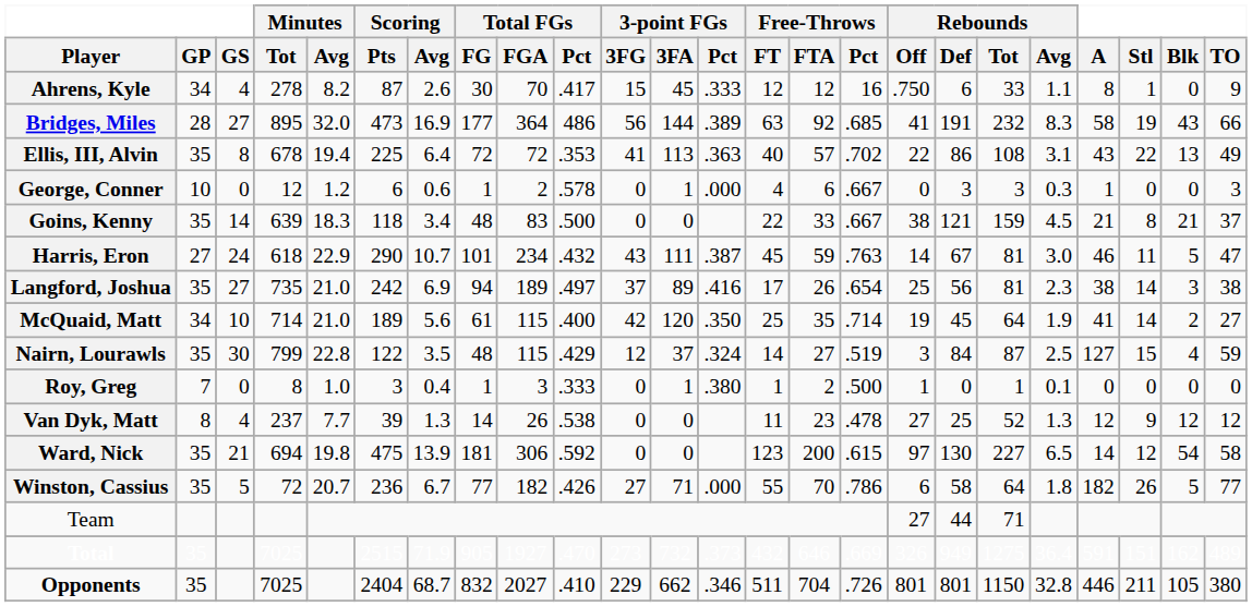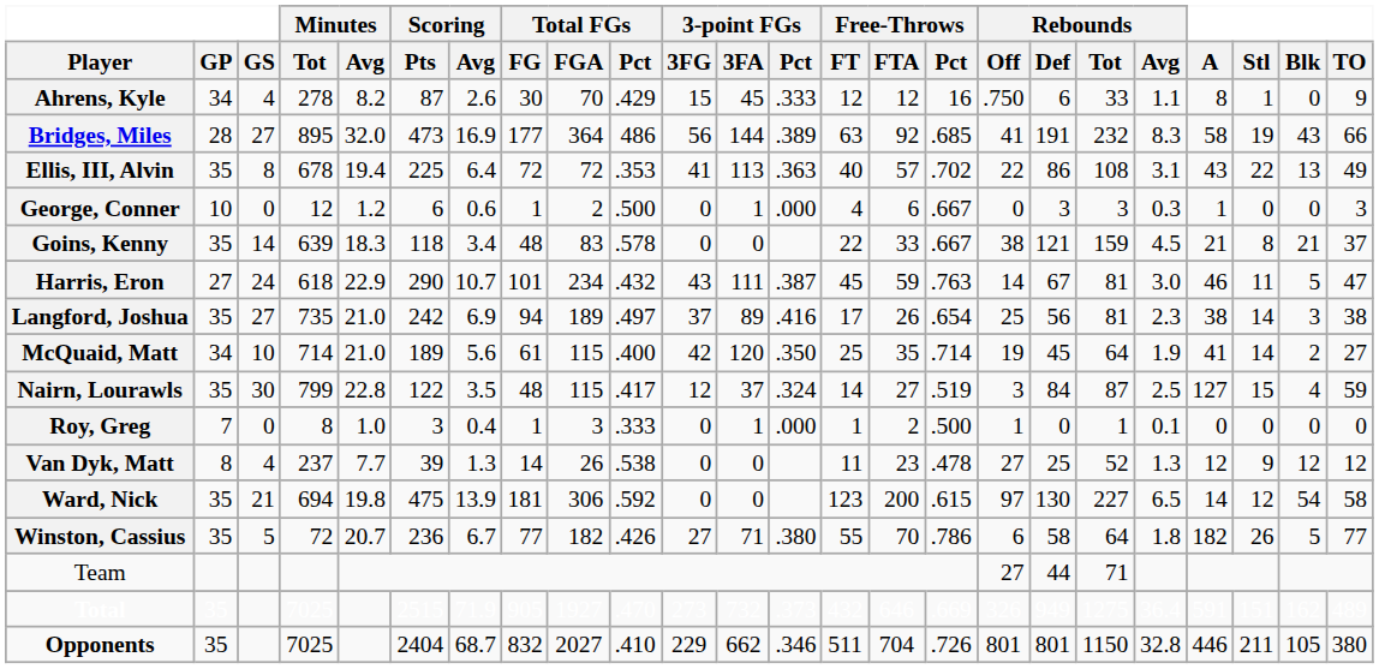 <table class="wikitable sortable" style="font-size:70%;">
 <tr>
 <th colspan="3" style="border-top-style:hidden; border-left-style:hidden; background: white;"></th>
 <th colspan="2" style="background:#">Minutes</th>
 <th colspan="2" style="background:#">Scoring</th>
 <th colspan="3" style="background:#">Total FGs</th>
 <th colspan="3" style="background:#">3-point FGs</th>
 <th colspan="3" style="background:#">Free-Throws</th>
 <th colspan="4" style="background:#">Rebounds</th>
 <th colspan="4" style="border-top-style:hidden; border-right-style:hidden; background: white;"></th>
 </tr>
 <tr>
 <th scope="col" style="background:#">Player</th>
 <th scope="col" style="background:#">GP</th>
 <th scope="col" style="background:#">GS</th>
 <th scope="col" style="background:#">Tot</th>
 <th scope="col" style="background:#">Avg</th>
 <th scope="col" style="background:#">Pts</th>
 <th scope="col" style="background:#">Avg</th>
 <th scope="col" style="background:#">FG</th>
 <th scope="col" style="background:#">FGA</th>
 <th scope="col" style="background:#">Pct</th>
 <th scope="col" style="background:#">3FG</th>
 <th scope="col" style="background:#">3FA</th>
 <th scope="col" style="background:#">Pct</th>
 <th scope="col" style="background:#">FT</th>
 <th scope="col" style="background:#">FTA</th>
 <th scope="col" style="background:#">Pct</th>
 <th scope="col" style="background:#">Off</th>
 <th scope="col" style="background:#">Def</th>
 <th scope="col" style="background:#">Tot</th>
 <th scope="col" style="background:#">Avg</th>
 <th scope="col" style="background:#">A</th>
 <th scope="col" style="background:#">Stl</th>
 <th scope="col" style="background:#">Blk</th>
 <th scope="col" style="background:#">TO</th>
 </tr>
 <tr>
 <th style=white-space:nowrap>Ahrens, Kyle</th>
 <td style="text-align:right;">34</td>
 <td style="text-align:right;">4</td>
 <td style="text-align:right;">278</td>
 <td style="text-align:right;">8.2</td>
 <td style="text-align:right;">87</td>
 <td style="text-align:right;">2.6</td>
 <td style="text-align:right;">30</td>
 <td style="text-align:right;">70</td>
-<td style="text-align:right;">.417</td>
+<td style="text-align:right;">.429</td>
 <td style="text-align:right;">15</td>
 <td style="text-align:right;">45</td>
 <td style="text-align:right;">.333</td>
 <td style="text-align:right;">12</td>
 <td style="text-align:right;">12</td>
 <td style="text-align:right;">16</td>
 <td style="text-align:right;">.750</td>
 <td style="text-align:right;">6</td>
 <td style="text-align:right;">33</td>
 <td style="text-align:right;">1.1</td>
 <td style="text-align:right;">8</td>
 <td style="text-align:right;">1</td>
 <td style="text-align:right;">0</td>
 <td style="text-align:right;">9</td>
 </tr>
 <tr>
 <th style=white-space:nowrap><a href='#'>Bridges, Miles</a></th>
 <td style="text-align:right;">28</td>
 <td style="text-align:right;">27</td>
 <td style="text-align:right;">895</td>
 <td style="text-align:right;">32.0</td>
 <td style="text-align:right;">473</td>
 <td style="text-align:right;">16.9</td>
 <td style="text-align:right;">177</td>
 <td style="text-align:right;">364</td>
 <td style="text-align:right;">486</td>
 <td style="text-align:right;">56</td>
 <td style="text-align:right;">144</td>
 <td style="text-align:right;">.389</td>
 <td style="text-align:right;">63</td>
 <td style="text-align:right;">92</td>
 <td style="text-align:right;">.685</td>
 <td style="text-align:right;">41</td>
 <td style="text-align:right;">191</td>
 <td style="text-align:right;">232</td>
 <td style="text-align:right;">8.3</td>
 <td style="text-align:right;">58</td>
 <td style="text-align:right;">19</td>
 <td style="text-align:right;">43</td>
 <td style="text-align:right;">66</td>
 </tr>
 <tr>
 <th style=white-space:nowrap>Ellis, III, Alvin</th>
 <td style="text-align:right;">35</td>
 <td style="text-align:right;">8</td>
 <td style="text-align:right;">678</td>
 <td style="text-align:right;">19.4</td>
 <td style="text-align:right;">225</td>
 <td style="text-align:right;">6.4</td>
 <td style="text-align:right;">72</td>
 <td style="text-align:right;">72</td>
 <td style="text-align:right;">.353</td>
 <td style="text-align:right;">41</td>
 <td style="text-align:right;">113</td>
 <td style="text-align:right;">.363</td>
 <td style="text-align:right;">40</td>
 <td style="text-align:right;">57</td>
 <td style="text-align:right;">.702</td>
 <td style="text-align:right;">22</td>
 <td style="text-align:right;">86</td>
 <td style="text-align:right;">108</td>
 <td style="text-align:right;">3.1</td>
 <td style="text-align:right;">43</td>
 <td style="text-align:right;">22</td>
 <td style="text-align:right;">13</td>
 <td style="text-align:right;">49</td>
 </tr>
 <tr>
 <th style=white-space:nowrap>George, Conner</th>
 <td style="text-align:right;">10</td>
 <td style="text-align:right;">0</td>
 <td style="text-align:right;">12</td>
 <td style="text-align:right;">1.2</td>
 <td style="text-align:right;">6</td>
 <td style="text-align:right;">0.6</td>
 <td style="text-align:right;">1</td>
 <td style="text-align:right;">2</td>
-<td style="text-align:right;">.578</td>
+<td style="text-align:right;">.500</td>
 <td style="text-align:right;">0</td>
 <td style="text-align:right;">1</td>
 <td style="text-align:right;">.000</td>
 <td style="text-align:right;">4</td>
 <td style="text-align:right;">6</td>
 <td style="text-align:right;">.667</td>
 <td style="text-align:right;">0</td>
 <td style="text-align:right;">3</td>
 <td style="text-align:right;">3</td>
 <td style="text-align:right;">0.3</td>
 <td style="text-align:right;">1</td>
 <td style="text-align:right;">0</td>
 <td style="text-align:right;">0</td>
 <td style="text-align:right;">3</td>
 </tr>
 <tr>
 <th style=white-space:nowrap>Goins, Kenny</th>
 <td style="text-align:right;">35</td>
 <td style="text-align:right;">14</td>
 <td style="text-align:right;">639</td>
 <td style="text-align:right;">18.3</td>
 <td style="text-align:right;">118</td>
 <td style="text-align:right;">3.4</td>
 <td style="text-align:right;">48</td>
 <td style="text-align:right;">83</td>
-<td style="text-align:right;">.500</td>
+<td style="text-align:right;">.578</td>
 <td style="text-align:right;">0</td>
 <td style="text-align:right;">0</td>
 <td style="text-align:right;"></td>
 <td style="text-align:right;">22</td>
 <td style="text-align:right;">33</td>
 <td style="text-align:right;">.667</td>
 <td style="text-align:right;">38</td>
 <td style="text-align:right;">121</td>
 <td style="text-align:right;">159</td>
 <td style="text-align:right;">4.5</td>
 <td style="text-align:right;">21</td>
 <td style="text-align:right;">8</td>
 <td style="text-align:right;">21</td>
 <td style="text-align:right;">37</td>
 </tr>
 <tr>
 <th style=white-space:nowrap>Harris, Eron</th>
 <td style="text-align:right;">27</td>
 <td style="text-align:right;">24</td>
 <td style="text-align:right;">618</td>
 <td style="text-align:right;">22.9</td>
 <td style="text-align:right;">290</td>
 <td style="text-align:right;">10.7</td>
 <td style="text-align:right;">101</td>
 <td style="text-align:right;">234</td>
 <td style="text-align:right;">.432</td>
 <td style="text-align:right;">43</td>
 <td style="text-align:right;">111</td>
 <td style="text-align:right;">.387</td>
 <td style="text-align:right;">45</td>
 <td style="text-align:right;">59</td>
 <td style="text-align:right;">.763</td>
 <td style="text-align:right;">14</td>
 <td style="text-align:right;">67</td>
 <td style="text-align:right;">81</td>
 <td style="text-align:right;">3.0</td>
 <td style="text-align:right;">46</td>
 <td style="text-align:right;">11</td>
 <td style="text-align:right;">5</td>
 <td style="text-align:right;">47</td>
 </tr>
 <tr>
 <th style=white-space:nowrap>Langford, Joshua</th>
 <td style="text-align:right;">35</td>
 <td style="text-align:right;">27</td>
 <td style="text-align:right;">735</td>
 <td style="text-align:right;">21.0</td>
 <td style="text-align:right;">242</td>
 <td style="text-align:right;">6.9</td>
 <td style="text-align:right;">94</td>
 <td style="text-align:right;">189</td>
 <td style="text-align:right;">.497</td>
 <td style="text-align:right;">37</td>
 <td style="text-align:right;">89</td>
 <td style="text-align:right;">.416</td>
 <td style="text-align:right;">17</td>
 <td style="text-align:right;">26</td>
 <td style="text-align:right;">.654</td>
 <td style="text-align:right;">25</td>
 <td style="text-align:right;">56</td>
 <td style="text-align:right;">81</td>
 <td style="text-align:right;">2.3</td>
 <td style="text-align:right;">38</td>
 <td style="text-align:right;">14</td>
 <td style="text-align:right;">3</td>
 <td style="text-align:right;">38</td>
 </tr>
 <tr>
 <th style=white-space:nowrap>McQuaid, Matt</th>
 <td style="text-align:right;">34</td>
 <td style="text-align:right;">10</td>
 <td style="text-align:right;">714</td>
 <td style="text-align:right;">21.0</td>
 <td style="text-align:right;">189</td>
 <td style="text-align:right;">5.6</td>
 <td style="text-align:right;">61</td>
 <td style="text-align:right;">115</td>
 <td style="text-align:right;">.400</td>
 <td style="text-align:right;">42</td>
 <td style="text-align:right;">120</td>
 <td style="text-align:right;">.350</td>
 <td style="text-align:right;">25</td>
 <td style="text-align:right;">35</td>
 <td style="text-align:right;">.714</td>
 <td style="text-align:right;">19</td>
 <td style="text-align:right;">45</td>
 <td style="text-align:right;">64</td>
 <td style="text-align:right;">1.9</td>
 <td style="text-align:right;">41</td>
 <td style="text-align:right;">14</td>
 <td style="text-align:right;">2</td>
 <td style="text-align:right;">27</td>
 </tr>
 <tr>
 <th style=white-space:nowrap>Nairn, Lourawls</th>
 <td style="text-align:right;">35</td>
 <td style="text-align:right;">30</td>
 <td style="text-align:right;">799</td>
 <td style="text-align:right;">22.8</td>
 <td style="text-align:right;">122</td>
 <td style="text-align:right;">3.5</td>
 <td style="text-align:right;">48</td>
 <td style="text-align:right;">115</td>
-<td style="text-align:right;">.429</td>
+<td style="text-align:right;">.417</td>
 <td style="text-align:right;">12</td>
 <td style="text-align:right;">37</td>
 <td style="text-align:right;">.324</td>
 <td style="text-align:right;">14</td>
 <td style="text-align:right;">27</td>
 <td style="text-align:right;">.519</td>
 <td style="text-align:right;">3</td>
 <td style="text-align:right;">84</td>
 <td style="text-align:right;">87</td>
 <td style="text-align:right;">2.5</td>
 <td style="text-align:right;">127</td>
 <td style="text-align:right;">15</td>
 <td style="text-align:right;">4</td>
 <td style="text-align:right;">59</td>
 </tr>
 <tr>
 <th style=white-space:nowrap>Roy, Greg</th>
 <td style="text-align:right;">7</td>
 <td style="text-align:right;">0</td>
 <td style="text-align:right;">8</td>
 <td style="text-align:right;">1.0</td>
 <td style="text-align:right;">3</td>
 <td style="text-align:right;">0.4</td>
 <td style="text-align:right;">1</td>
 <td style="text-align:right;">3</td>
 <td style="text-align:right;">.333</td>
 <td style="text-align:right;">0</td>
 <td style="text-align:right;">1</td>
-<td style="text-align:right;">.380</td>
+<td style="text-align:right;">.000</td>
 <td style="text-align:right;">1</td>
 <td style="text-align:right;">2</td>
 <td style="text-align:right;">.500</td>
 <td style="text-align:right;">1</td>
 <td style="text-align:right;">0</td>
 <td style="text-align:right;">1</td>
 <td style="text-align:right;">0.1</td>
 <td style="text-align:right;">0</td>
 <td style="text-align:right;">0</td>
 <td style="text-align:right;">0</td>
 <td style="text-align:right;">0</td>
 </tr>
 <tr>
 <th style=white-space:nowrap>Van Dyk, Matt</th>
 <td style="text-align:right;">8</td>
 <td style="text-align:right;">4</td>
 <td style="text-align:right;">237</td>
 <td style="text-align:right;">7.7</td>
 <td style="text-align:right;">39</td>
 <td style="text-align:right;">1.3</td>
 <td style="text-align:right;">14</td>
 <td style="text-align:right;">26</td>
 <td style="text-align:right;">.538</td>
 <td style="text-align:right;">0</td>
 <td style="text-align:right;">0</td>
 <td style="text-align:right;"></td>
 <td style="text-align:right;">11</td>
 <td style="text-align:right;">23</td>
 <td style="text-align:right;">.478</td>
 <td style="text-align:right;">27</td>
 <td style="text-align:right;">25</td>
 <td style="text-align:right;">52</td>
 <td style="text-align:right;">1.3</td>
 <td style="text-align:right;">12</td>
 <td style="text-align:right;">9</td>
 <td style="text-align:right;">12</td>
 <td style="text-align:right;">12</td>
 </tr>
 <tr>
 <th style=white-space:nowrap>Ward, Nick</th>
 <td style="text-align:right;">35</td>
 <td style="text-align:right;">21</td>
 <td style="text-align:right;">694</td>
 <td style="text-align:right;">19.8</td>
 <td style="text-align:right;">475</td>
 <td style="text-align:right;">13.9</td>
 <td style="text-align:right;">181</td>
 <td style="text-align:right;">306</td>
 <td style="text-align:right;">.592</td>
 <td style="text-align:right;">0</td>
 <td style="text-align:right;">0</td>
 <td style="text-align:right;"></td>
 <td style="text-align:right;">123</td>
 <td style="text-align:right;">200</td>
 <td style="text-align:right;">.615</td>
 <td style="text-align:right;">97</td>
 <td style="text-align:right;">130</td>
 <td style="text-align:right;">227</td>
 <td style="text-align:right;">6.5</td>
 <td style="text-align:right;">14</td>
 <td style="text-align:right;">12</td>
 <td style="text-align:right;">54</td>
 <td style="text-align:right;">58</td>
 </tr>
 <tr>
 <th style=white-space:nowrap>Winston, Cassius</th>
 <td style="text-align:right;">35</td>
 <td style="text-align:right;">5</td>
 <td style="text-align:right;">72</td>
 <td style="text-align:right;">20.7</td>
 <td style="text-align:right;">236</td>
 <td style="text-align:right;">6.7</td>
 <td style="text-align:right;">77</td>
 <td style="text-align:right;">182</td>
 <td style="text-align:right;">.426</td>
 <td style="text-align:right;">27</td>
 <td style="text-align:right;">71</td>
-<td style="text-align:right;">.000</td>
+<td style="text-align:right;">.380</td>
 <td style="text-align:right;">55</td>
 <td style="text-align:right;">70</td>
 <td style="text-align:right;">.786</td>
 <td style="text-align:right;">6</td>
 <td style="text-align:right;">58</td>
 <td style="text-align:right;">64</td>
 <td style="text-align:right;">1.8</td>
 <td style="text-align:right;">182</td>
 <td style="text-align:right;">26</td>
 <td style="text-align:right;">5</td>
 <td style="text-align:right;">77</td>
 </tr>
 <tr class="sortbottom">
 <td style="text-align:center;">Team</td>
 <td style="text-align:right;"></td>
 <td style="text-align:right;"></td>
 <td style="text-align:right;"></td>
 <td style="text-align:right; border-right-style:hidden;"></td>
 <td style="text-align:right; border-right-style:hidden;"></td>
 <td style="text-align:right; border-right-style:hidden;"></td>
 <td style="text-align:right; border-right-style:hidden;"></td>
 <td style="text-align:right; border-right-style:hidden;"></td>
 <td style="text-align:right; border-right-style:hidden;"></td>
 <td style="text-align:right; border-right-style:hidden;"></td>
 <td style="text-align:right; border-right-style:hidden;"></td>
 <td style="text-align:right; border-right-style:hidden;"></td>
 <td style="text-align:right; border-right-style:hidden;"></td>
 <td style="text-align:right; border-right-style:hidden;"></td>
 <td style="text-align:right;"></td>
 <td style="text-align:right;">27</td>
 <td style="text-align:right;">44</td>
 <td style="text-align:right;">71</td>
 <td style="text-align:right;"></td>
 <td style="text-align:right; border-right-style:hidden;"></td>
 <td style="text-align:right;"></td>
 <td style="text-align:right; border-right-style:hidden;"></td>
 <td style="text-align:right;"></td>
 </tr>
 <tr class="sortbottom" style="color:#ffffff;" style="background:#">
 <td style="text-align:center;color:#ffffff;"><strong>Total</strong></td>
 <td style="text-align:center; color:#fff;">35</td>
 <td align="center" style="background:#"></td>
 <td align="center" style="background:#">7025</td>
 <td align="center" style="background:#"></td>
 <td align="center" style="background:#">2515</td>
 <td align="center" style="background:#">71.9</td>
 <td align="center" style="background:#">905</td>
 <td align="center" style="background:#">1927</td>
 <td align="center" style="background:#">.470</td>
 <td align="center" style="background:#">273</td>
 <td align="center" style="background:#">732</td>
 <td align="center" style="background:#">.373</td>
 <td align="center" style="background:#">432</td>
 <td align="center" style="background:#">646</td>
 <td align="center" style="background:#">.669</td>
 <td align="center" style="background:#">326</td>
 <td align="center" style="background:#">949</td>
 <td align="center" style="background:#">1275</td>
 <td align="center" style="background:#">36.4</td>
 <td align="center" style="background:#">591</td>
 <td align="center" style="background:#">151</td>
 <td align="center" style="background:#">162</td>
 <td align="center" style="background:#">489</td>
 </tr>
 <tr class="sortbottom" style="text-align:center;">
 <td><strong>Opponents</strong></td>
 <td>35</td>
 <td style="text-align:center;"></td>
 <td>7025</td>
 <td style="text-align:center;"></td>
 <td>2404</td>
 <td>68.7</td>
 <td>832</td>
 <td>2027</td>
 <td>.410</td>
 <td>229</td>
 <td>662</td>
 <td>.346</td>
 <td>511</td>
 <td>704</td>
 <td>.726</td>
 <td>801</td>
 <td>801</td>
 <td>1150</td>
 <td>32.8</td>
 <td>446</td>
 <td>211</td>
 <td>105</td>
 <td>380</td>
 </tr>
 </table>
